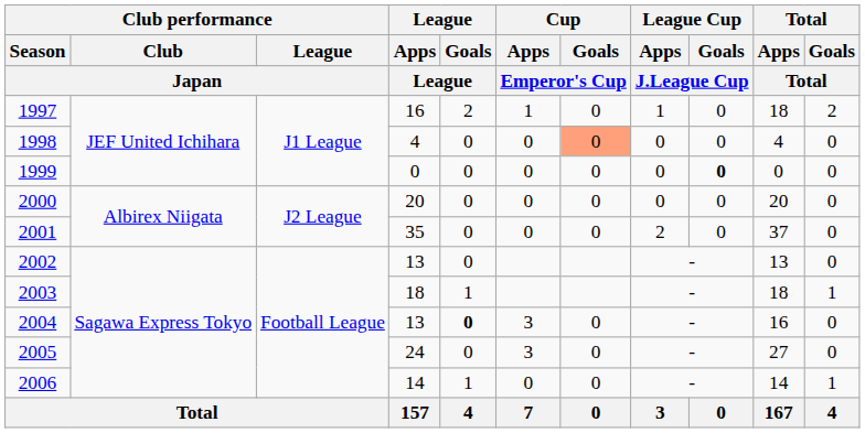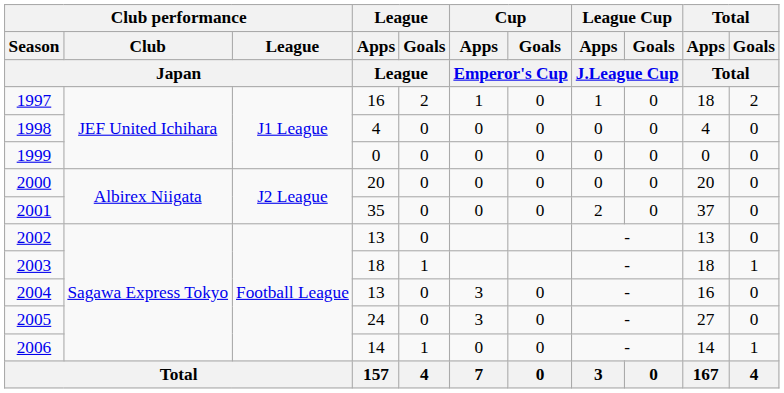 <table class="wikitable" style="text-align:center;">
 <tr>
 <th colspan=3>Club performance</th>
 <th colspan=2>League</th>
 <th colspan=2>Cup</th>
 <th colspan=2>League Cup</th>
 <th colspan=2>Total</th>
 </tr>
 <tr>
 <th>Season</th>
 <th>Club</th>
 <th>League</th>
 <th>Apps</th>
 <th>Goals</th>
 <th>Apps</th>
 <th>Goals</th>
 <th>Apps</th>
 <th>Goals</th>
 <th>Apps</th>
 <th>Goals</th>
 </tr>
 <tr>
 <th colspan=3>Japan</th>
 <th colspan=2>League</th>
 <th colspan=2><a href='#'>Emperor's Cup</a></th>
 <th colspan=2><a href='#'>J.League Cup</a></th>
 <th colspan=2>Total</th>
 </tr>
 <tr>
 <td><a href='#'>1997</a></td>
 <td rowspan="3"><a href='#'>JEF United Ichihara</a></td>
 <td rowspan="3"><a href='#'>J1 League</a></td>
 <td>16</td>
 <td>2</td>
 <td>1</td>
 <td>0</td>
 <td>1</td>
 <td>0</td>
 <td>18</td>
 <td>2</td>
 </tr>
 <tr>
 <td><a href='#'>1998</a></td>
 <td>4</td>
 <td>0</td>
 <td>0</td>
-<td style="background: lightsalmon;">0</td>
+<td>0</td>
 <td>0</td>
 <td>0</td>
 <td>4</td>
 <td>0</td>
 </tr>
 <tr>
 <td><a href='#'>1999</a></td>
 <td>0</td>
 <td>0</td>
 <td>0</td>
 <td>0</td>
 <td>0</td>
-<td><strong>0</strong></td>
+<td>0</td>
 <td>0</td>
 <td>0</td>
 </tr>
 <tr>
 <td><a href='#'>2000</a></td>
 <td rowspan="2"><a href='#'>Albirex Niigata</a></td>
 <td rowspan="2"><a href='#'>J2 League</a></td>
 <td>20</td>
 <td>0</td>
 <td>0</td>
 <td>0</td>
 <td>0</td>
 <td>0</td>
 <td>20</td>
 <td>0</td>
 </tr>
 <tr>
 <td><a href='#'>2001</a></td>
 <td>35</td>
 <td>0</td>
 <td>0</td>
 <td>0</td>
 <td>2</td>
 <td>0</td>
 <td>37</td>
 <td>0</td>
 </tr>
 <tr>
 <td><a href='#'>2002</a></td>
 <td rowspan="5"><a href='#'>Sagawa Express Tokyo</a></td>
 <td rowspan="5"><a href='#'>Football League</a></td>
 <td>13</td>
 <td>0</td>
 <td></td>
 <td></td>
 <td colspan="2">-</td>
 <td>13</td>
 <td>0</td>
 </tr>
 <tr>
 <td><a href='#'>2003</a></td>
 <td>18</td>
 <td>1</td>
 <td></td>
 <td></td>
 <td colspan="2">-</td>
 <td>18</td>
 <td>1</td>
 </tr>
 <tr>
 <td><a href='#'>2004</a></td>
 <td>13</td>
-<td><strong>0</strong></td>
+<td>0</td>
 <td>3</td>
 <td>0</td>
 <td colspan="2">-</td>
 <td>16</td>
 <td>0</td>
 </tr>
 <tr>
 <td><a href='#'>2005</a></td>
 <td>24</td>
 <td>0</td>
 <td>3</td>
 <td>0</td>
 <td colspan="2">-</td>
 <td>27</td>
 <td>0</td>
 </tr>
 <tr>
 <td><a href='#'>2006</a></td>
 <td>14</td>
 <td>1</td>
 <td>0</td>
 <td>0</td>
 <td colspan="2">-</td>
 <td>14</td>
 <td>1</td>
 </tr>
 <tr>
 <th colspan=3>Total</th>
 <th>157</th>
 <th>4</th>
 <th>7</th>
 <th>0</th>
 <th>3</th>
 <th>0</th>
 <th>167</th>
 <th>4</th>
 </tr>
 </table>
